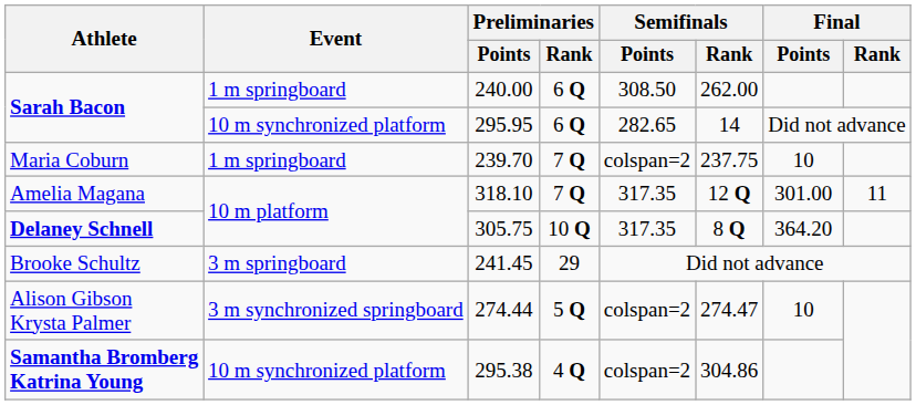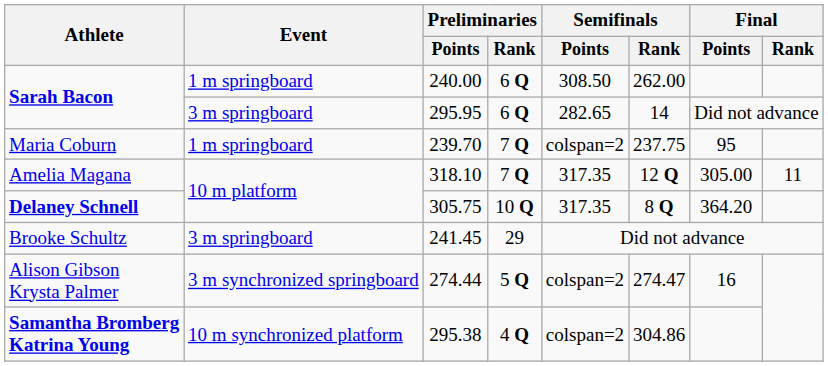 <table class="wikitable" style="font-size:90%">
 <tr>
 <th rowspan="2">Athlete</th>
 <th rowspan="2">Event</th>
 <th colspan="2">Preliminaries</th>
 <th colspan="2">Semifinals</th>
 <th colspan="2">Final</th>
 </tr>
 <tr style="font-size:95%">
 <th>Points</th>
 <th>Rank</th>
 <th>Points</th>
 <th>Rank</th>
 <th>Points</th>
 <th>Rank</th>
 </tr>
 <tr align="center">
 <td align="left" rowspan=2><strong><a href='#'>Sarah Bacon</a></strong></td>
 <td align="left"><a href='#'>1 m springboard</a></td>
 <td>240.00</td>
 <td>6 <strong>Q</strong></td>
 <td>308.50</td>
 <td>262.00</td>
 <td></td>
 </tr>
 <tr align="center">
-<td align="left"><a href='#'>10 m synchronized platform</a></td>
+<td align="left"><a href='#'>3 m springboard</a></td>
 <td>295.95</td>
 <td>6 <strong>Q</strong></td>
 <td>282.65</td>
 <td>14</td>
 <td colspan="2">Did not advance</td>
 </tr>
 <tr align="center">
 <td align="left"><a href='#'>Maria Coburn</a></td>
 <td align="left"><a href='#'>1 m springboard</a></td>
 <td>239.70</td>
 <td>7 <strong>Q</strong></td>
 <td>colspan=2 </td>
 <td>237.75</td>
-<td>10</td>
+<td>95</td>
 </tr>
 <tr align="center">
 <td align="left"><a href='#'>Amelia Magana</a></td>
 <td rowspan="2" align="left"><a href='#'>10 m platform</a></td>
 <td>318.10</td>
 <td>7 <strong>Q</strong></td>
 <td>317.35</td>
 <td>12 <strong>Q</strong></td>
-<td>301.00</td>
+<td>305.00</td>
 <td>11</td>
 </tr>
 <tr align="center">
 <td align="left"><strong><a href='#'>Delaney Schnell</a></strong></td>
 <td>305.75</td>
 <td>10 <strong>Q</strong></td>
 <td>317.35</td>
 <td>8 <strong>Q</strong></td>
 <td>364.20</td>
 <td></td>
 </tr>
 <tr align="center">
 <td align="left"><a href='#'>Brooke Schultz</a></td>
 <td align="left"><a href='#'>3 m springboard</a></td>
 <td>241.45</td>
 <td>29</td>
 <td colspan="4">Did not advance</td>
 </tr>
 <tr align="center">
 <td align="left"><a href='#'>Alison Gibson</a><br><a href='#'>Krysta Palmer</a></td>
 <td align="left"><a href='#'>3 m synchronized springboard</a></td>
 <td>274.44</td>
 <td>5 <strong>Q</strong></td>
 <td>colspan=2 </td>
 <td>274.47</td>
-<td>10</td>
+<td>16</td>
 </tr>
 <tr align="center">
 <td align="left"><strong><a href='#'>Samantha Bromberg</a><br><a href='#'>Katrina Young</a></strong></td>
 <td align="left"><a href='#'>10 m synchronized platform</a></td>
 <td>295.38</td>
 <td>4 <strong>Q</strong></td>
 <td>colspan=2 </td>
 <td>304.86</td>
 <td></td>
 </tr>
 </table>
